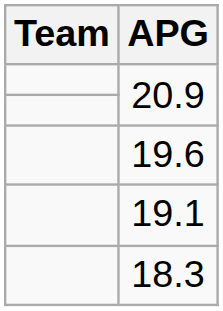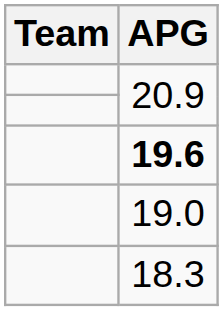 <table class=wikitable>
 <tr>
 <th>Team</th>
 <th>APG</th>
 </tr>
 <tr>
 <td></td>
 <td align=center rowspan=2>20.9</td>
 </tr>
 <tr>
 <td></td>
 </tr>
 <tr>
 <td></td>
-<td align=center>19.6</td>
+<td align=center><strong>19.6</strong></td>
 </tr>
 <tr>
 <td></td>
-<td align=center>19.1</td>
+<td align=center>19.0</td>
 </tr>
 <tr>
 <td></td>
 <td align=center>18.3</td>
 </tr>
 </table>
